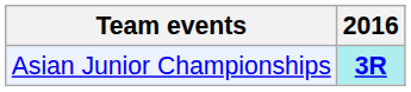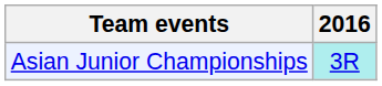 <table style='font-size: 90%; text-align:center;' class='wikitable'>
 <tr>
 <th>Team events</th>
 <th>2016</th>
 </tr>
 <tr>
 <td bgcolor="#ECF2FF"; align="left"><a href='#'>Asian Junior Championships</a></td>
-<td bgcolor=AFEEEE><strong><a href='#'>3R</a></strong></td>
+<td bgcolor=AFEEEE><a href='#'>3R</a></td>
 </tr>
 </table>
